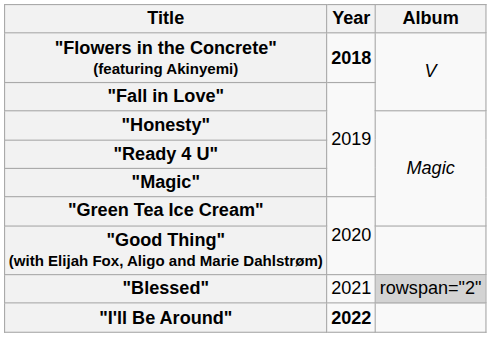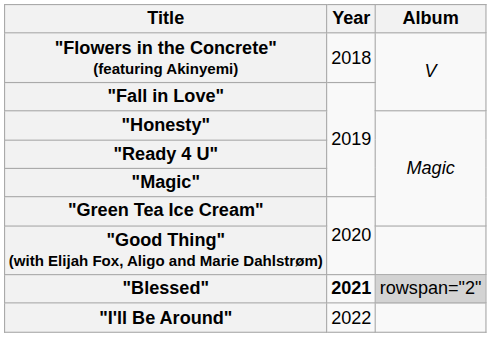 <table class="wikitable plainrowheaders" style="text-align:center;">
 <tr>
 <th scope="col">Title</th>
 <th scope="col">Year</th>
 <th scope="col">Album</th>
 </tr>
 <tr>
 <th scope="row">"Flowers in the Concrete" <br><small>(featuring Akinyemi)</small></th>
-<td><strong>2018</strong></td>
+<td>2018</td>
 <td rowspan="2"><em>V</em></td>
 </tr>
 <tr>
 <th scope="row">"Fall in Love" </th>
 <td rowspan="4">2019</td>
 </tr>
 <tr>
 <th scope="row">"Honesty" </th>
 <td rowspan="4"><em>Magic</em></td>
 </tr>
 <tr>
 <th scope="row">"Ready 4 U"</th>
 </tr>
 <tr>
 <th scope="row">"Magic" </th>
 </tr>
 <tr>
 <th scope="row">"Green Tea Ice Cream"</th>
 <td rowspan="2">2020</td>
 </tr>
 <tr>
 <th scope="row">"Good Thing" <br><small>(with Elijah Fox, Aligo and Marie Dahlstrøm)</small></th>
 <td></td>
 </tr>
 <tr>
 <th scope="row">"Blessed"</th>
-<td>2021</td>
+<td><strong>2021</strong></td>
 <td style="background: lightgrey;">rowspan="2" </td>
 </tr>
 <tr>
 <th scope="row">"I'll Be Around"</th>
-<td><strong>2022</strong></td>
+<td>2022</td>
 </tr>
 </table>
